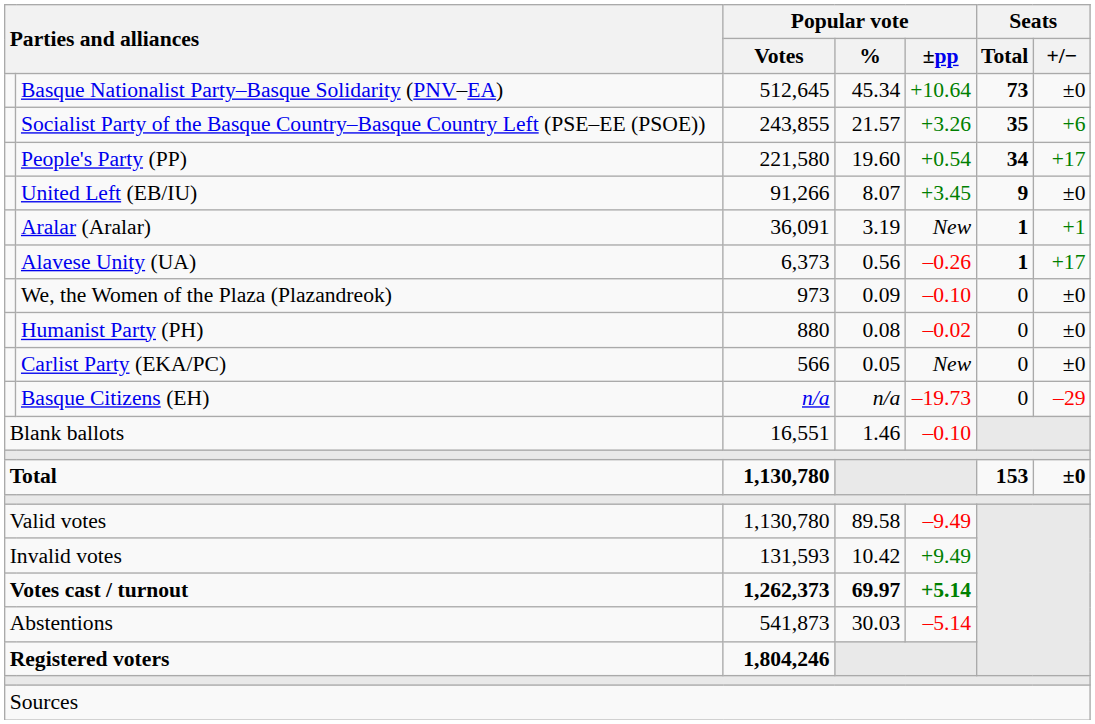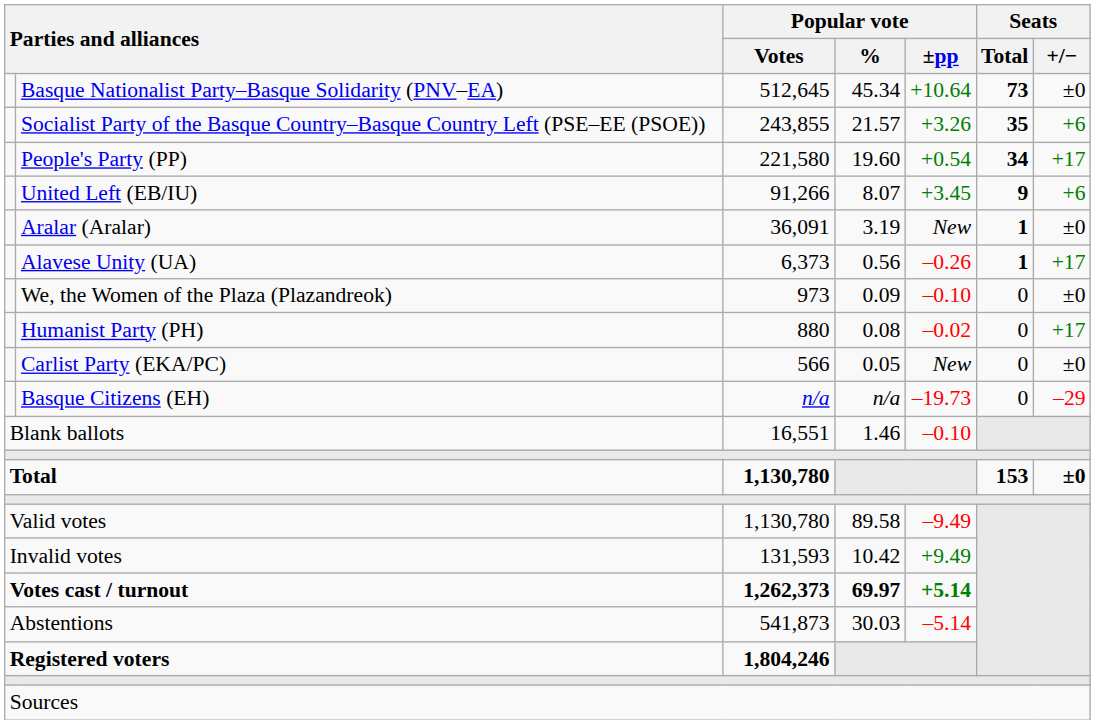 <table class="wikitable" style="text-align:right;">
 <tr>
 <th style="text-align:left;" rowspan="2" colspan="2" width="525">Parties and alliances</th>
 <th colspan="3">Popular vote</th>
 <th colspan="2">Seats</th>
 </tr>
 <tr>
 <th width="75">Votes</th>
 <th width="45">%</th>
 <th width="45">±<a href='#'>pp</a></th>
 <th width="35">Total</th>
 <th width="35">+/−</th>
 </tr>
 <tr>
 <td width="1" style="color:inherit;background:"></td>
 <td align="left"><a href='#'>Basque Nationalist Party–Basque Solidarity</a> (<a href='#'>PNV</a>–<a href='#'>EA</a>)</td>
 <td>512,645</td>
 <td>45.34</td>
 <td style="color:green;">+10.64</td>
 <td><strong>73</strong></td>
 <td>±0</td>
 </tr>
 <tr>
 <td style="color:inherit;background:"></td>
 <td align="left"><a href='#'>Socialist Party of the Basque Country–Basque Country Left</a> (PSE–EE (PSOE))</td>
 <td>243,855</td>
 <td>21.57</td>
 <td style="color:green;">+3.26</td>
 <td><strong>35</strong></td>
 <td style="color:green;">+6</td>
 </tr>
 <tr>
 <td style="color:inherit;background:"></td>
 <td align="left"><a href='#'>People's Party</a> (PP)</td>
 <td>221,580</td>
 <td>19.60</td>
 <td style="color:green;">+0.54</td>
 <td><strong>34</strong></td>
 <td style="color:green;">+17</td>
 </tr>
 <tr>
 <td style="color:inherit;background:"></td>
 <td align="left"><a href='#'>United Left</a> (EB/IU)</td>
 <td>91,266</td>
 <td>8.07</td>
 <td style="color:green;">+3.45</td>
 <td><strong>9</strong></td>
-<td>±0</td>
+<td style="color:green;">+6</td>
 </tr>
 <tr>
 <td style="color:inherit;background:"></td>
 <td align="left"><a href='#'>Aralar</a> (Aralar)</td>
 <td>36,091</td>
 <td>3.19</td>
 <td><em>New</em></td>
 <td><strong>1</strong></td>
-<td style="color:green;">+1</td>
+<td>±0</td>
 </tr>
 <tr>
 <td style="color:inherit;background:"></td>
 <td align="left"><a href='#'>Alavese Unity</a> (UA)</td>
 <td>6,373</td>
 <td>0.56</td>
 <td style="color:red;">–0.26</td>
 <td><strong>1</strong></td>
 <td style="color:green;">+17</td>
 </tr>
 <tr>
 <td style="color:inherit;background:"></td>
 <td align="left">We, the Women of the Plaza (Plazandreok)</td>
 <td>973</td>
 <td>0.09</td>
 <td style="color:red;">–0.10</td>
 <td>0</td>
 <td>±0</td>
 </tr>
 <tr>
 <td style="color:inherit;background:"></td>
 <td align="left"><a href='#'>Humanist Party</a> (PH)</td>
 <td>880</td>
 <td>0.08</td>
 <td style="color:red;">–0.02</td>
 <td>0</td>
-<td>±0</td>
+<td style="color:green;">+17</td>
 </tr>
 <tr>
 <td style="color:inherit;background:"></td>
 <td align="left"><a href='#'>Carlist Party</a> (EKA/PC)</td>
 <td>566</td>
 <td>0.05</td>
 <td><em>New</em></td>
 <td>0</td>
 <td>±0</td>
 </tr>
 <tr>
 <td style="color:inherit;background:"></td>
 <td align="left"><a href='#'>Basque Citizens</a> (EH)</td>
 <td><em><a href='#'>n/a</a></em></td>
 <td><em>n/a</em></td>
 <td style="color:red;">–19.73</td>
 <td>0</td>
 <td style="color:red;">–29</td>
 </tr>
 <tr>
 <td align="left" colspan="2">Blank ballots</td>
 <td>16,551</td>
 <td>1.46</td>
 <td style="color:red;">–0.10</td>
 <td bgcolor="#E9E9E9" colspan="2"></td>
 </tr>
 <tr>
 <td colspan="7" bgcolor="#E9E9E9"></td>
 </tr>
 <tr style="font-weight:bold;">
 <td align="left" colspan="2">Total</td>
 <td>1,130,780</td>
 <td bgcolor="#E9E9E9" colspan="2"></td>
 <td>153</td>
 <td>±0</td>
 </tr>
 <tr>
 <td colspan="7" bgcolor="#E9E9E9"></td>
 </tr>
 <tr>
 <td align="left" colspan="2">Valid votes</td>
 <td>1,130,780</td>
 <td>89.58</td>
 <td style="color:red;">–9.49</td>
 <td bgcolor="#E9E9E9" colspan="2" rowspan="5"></td>
 </tr>
 <tr>
 <td align="left" colspan="2">Invalid votes</td>
 <td>131,593</td>
 <td>10.42</td>
 <td style="color:green;">+9.49</td>
 </tr>
 <tr style="font-weight:bold;">
 <td align="left" colspan="2">Votes cast / turnout</td>
 <td>1,262,373</td>
 <td>69.97</td>
 <td style="color:green;">+5.14</td>
 </tr>
 <tr>
 <td align="left" colspan="2">Abstentions</td>
 <td>541,873</td>
 <td>30.03</td>
 <td style="color:red;">–5.14</td>
 </tr>
 <tr style="font-weight:bold;">
 <td align="left" colspan="2">Registered voters</td>
 <td>1,804,246</td>
 <td bgcolor="#E9E9E9" colspan="2"></td>
 </tr>
 <tr>
 <td colspan="7" bgcolor="#E9E9E9"></td>
 </tr>
 <tr>
 <td align="left" colspan="7">Sources</td>
 </tr>
 </table>
